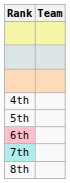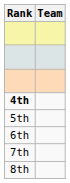 <table class="wikitable" style="text-align:center">
 <tr>
 <th width=15>Rank</th>
 <th>Team</th>
 </tr>
 <tr style="background:#f7f6a8;">
 <td style="text-align:center; height:23px;"></td>
 <td align=left></td>
 </tr>
 <tr style="background:#dce5e5;">
 <td style="text-align:center; height:23px;"></td>
 <td align=left></td>
 </tr>
 <tr style="background:#ffdab9;">
 <td style="text-align:center; height:23px;"></td>
 <td align=left></td>
 </tr>
 <tr>
-<td>4th</td>
+<td><strong>4th</strong></td>
 <td align=left></td>
 </tr>
 <tr>
 <td>5th</td>
 <td align=left></td>
 </tr>
 <tr>
-<td style="background: pink;">6th</td>
+<td>6th</td>
 <td align=left></td>
 </tr>
 <tr>
-<td style="background: paleturquoise;">7th</td>
+<td>7th</td>
 <td align=left></td>
 </tr>
 <tr>
 <td>8th</td>
 <td align=left></td>
 </tr>
 </table>
